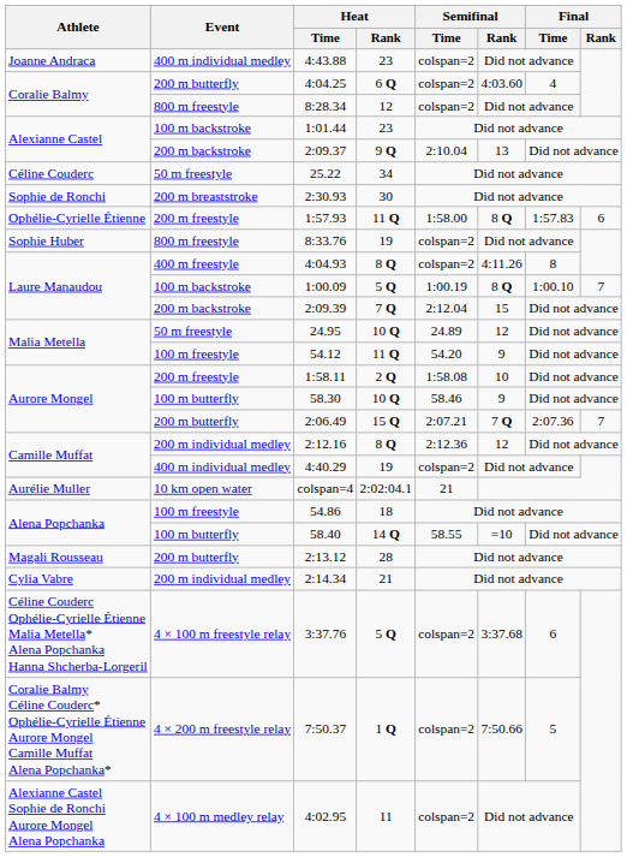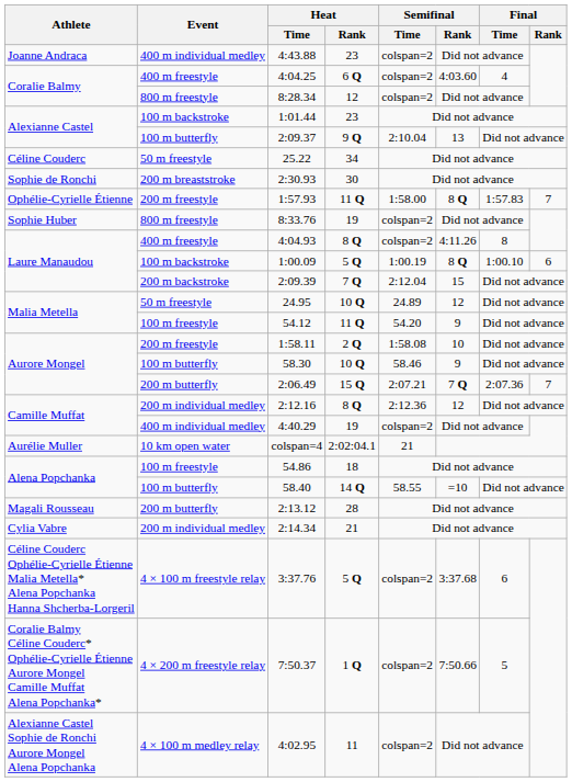 <table class=wikitable style="font-size:90%">
 <tr>
 <th rowspan="2">Athlete</th>
 <th rowspan="2">Event</th>
 <th colspan="2">Heat</th>
 <th colspan="2">Semifinal</th>
 <th colspan="2">Final</th>
 </tr>
 <tr style="font-size:95%">
 <th>Time</th>
 <th>Rank</th>
 <th>Time</th>
 <th>Rank</th>
 <th>Time</th>
 <th>Rank</th>
 </tr>
 <tr align=center>
 <td align=left><a href='#'>Joanne Andraca</a></td>
 <td align=left><a href='#'>400 m individual medley</a></td>
 <td>4:43.88</td>
 <td>23</td>
 <td>colspan=2 </td>
 <td colspan=2>Did not advance</td>
 </tr>
 <tr align=center>
 <td align=left rowspan=2><a href='#'>Coralie Balmy</a></td>
-<td align=left><a href='#'>200 m butterfly</a></td>
+<td align=left><a href='#'>400 m freestyle</a></td>
 <td>4:04.25</td>
 <td>6 <strong>Q</strong></td>
 <td>colspan=2 </td>
 <td>4:03.60</td>
 <td>4</td>
 </tr>
 <tr align=center>
 <td align=left><a href='#'>800 m freestyle</a></td>
 <td>8:28.34</td>
 <td>12</td>
 <td>colspan=2 </td>
 <td colspan=2>Did not advance</td>
 </tr>
 <tr align=center>
 <td align=left rowspan=2><a href='#'>Alexianne Castel</a></td>
 <td align=left><a href='#'>100 m backstroke</a></td>
 <td>1:01.44</td>
 <td>23</td>
 <td colspan=4>Did not advance</td>
 </tr>
 <tr align=center>
-<td align=left><a href='#'>200 m backstroke</a></td>
+<td align=left><a href='#'>100 m butterfly</a></td>
 <td>2:09.37</td>
 <td>9 <strong>Q</strong></td>
 <td>2:10.04</td>
 <td>13</td>
 <td colspan=2>Did not advance</td>
 </tr>
 <tr align=center>
 <td align=left><a href='#'>Céline Couderc</a></td>
 <td align=left><a href='#'>50 m freestyle</a></td>
 <td>25.22</td>
 <td>34</td>
 <td colspan=4>Did not advance</td>
 </tr>
 <tr align=center>
 <td align=left><a href='#'>Sophie de Ronchi</a></td>
 <td align=left><a href='#'>200 m breaststroke</a></td>
 <td>2:30.93</td>
 <td>30</td>
 <td colspan=4>Did not advance</td>
 </tr>
 <tr align=center>
 <td align=left><a href='#'>Ophélie-Cyrielle Étienne</a></td>
 <td align=left><a href='#'>200 m freestyle</a></td>
 <td>1:57.93</td>
 <td>11 <strong>Q</strong></td>
 <td>1:58.00</td>
 <td>8 <strong>Q</strong></td>
 <td>1:57.83</td>
-<td>6</td>
+<td>7</td>
 </tr>
 <tr align=center>
 <td align=left><a href='#'>Sophie Huber</a></td>
 <td align=left><a href='#'>800 m freestyle</a></td>
 <td>8:33.76</td>
 <td>19</td>
 <td>colspan=2 </td>
 <td colspan=2>Did not advance</td>
 </tr>
 <tr align=center>
 <td align=left rowspan=3><a href='#'>Laure Manaudou</a></td>
 <td align=left><a href='#'>400 m freestyle</a></td>
 <td>4:04.93</td>
 <td>8 <strong>Q</strong></td>
 <td>colspan=2 </td>
 <td>4:11.26</td>
 <td>8</td>
 </tr>
 <tr align=center>
 <td align=left><a href='#'>100 m backstroke</a></td>
 <td>1:00.09</td>
 <td>5 <strong>Q</strong></td>
 <td>1:00.19</td>
 <td>8 <strong>Q</strong></td>
 <td>1:00.10</td>
-<td>7</td>
+<td>6</td>
 </tr>
 <tr align=center>
 <td align=left><a href='#'>200 m backstroke</a></td>
 <td>2:09.39</td>
 <td>7 <strong>Q</strong></td>
 <td>2:12.04</td>
 <td>15</td>
 <td colspan=2>Did not advance</td>
 </tr>
 <tr align=center>
 <td align=left rowspan=2><a href='#'>Malia Metella</a></td>
 <td align=left><a href='#'>50 m freestyle</a></td>
 <td>24.95</td>
 <td>10 <strong>Q</strong></td>
 <td>24.89</td>
 <td>12</td>
 <td colspan=2>Did not advance</td>
 </tr>
 <tr align=center>
 <td align=left><a href='#'>100 m freestyle</a></td>
 <td>54.12</td>
 <td>11 <strong>Q</strong></td>
 <td>54.20</td>
 <td>9</td>
 <td colspan=2>Did not advance</td>
 </tr>
 <tr align=center>
 <td align=left rowspan=3><a href='#'>Aurore Mongel</a></td>
 <td align=left><a href='#'>200 m freestyle</a></td>
 <td>1:58.11</td>
 <td>2 <strong>Q</strong></td>
 <td>1:58.08</td>
 <td>10</td>
 <td colspan=2>Did not advance</td>
 </tr>
 <tr align=center>
 <td align=left><a href='#'>100 m butterfly</a></td>
 <td>58.30</td>
 <td>10 <strong>Q</strong></td>
 <td>58.46</td>
 <td>9</td>
 <td colspan=2>Did not advance</td>
 </tr>
 <tr align=center>
 <td align=left><a href='#'>200 m butterfly</a></td>
 <td>2:06.49</td>
 <td>15 <strong>Q</strong></td>
 <td>2:07.21</td>
 <td>7 <strong>Q</strong></td>
 <td>2:07.36</td>
 <td>7</td>
 </tr>
 <tr align=center>
 <td align=left rowspan=2><a href='#'>Camille Muffat</a></td>
 <td align=left><a href='#'>200 m individual medley</a></td>
 <td>2:12.16</td>
 <td>8 <strong>Q</strong></td>
 <td>2:12.36</td>
 <td>12</td>
 <td colspan=2>Did not advance</td>
 </tr>
 <tr align=center>
 <td align=left><a href='#'>400 m individual medley</a></td>
 <td>4:40.29</td>
 <td>19</td>
 <td>colspan=2 </td>
 <td colspan=2>Did not advance</td>
 </tr>
 <tr align=center>
 <td align=left><a href='#'>Aurélie Muller</a></td>
 <td align=left><a href='#'>10 km open water</a></td>
 <td>colspan=4 </td>
 <td>2:02:04.1</td>
 <td>21</td>
 </tr>
 <tr align=center>
 <td align=left rowspan=2><a href='#'>Alena Popchanka</a></td>
 <td align=left><a href='#'>100 m freestyle</a></td>
 <td>54.86</td>
 <td>18</td>
 <td colspan=4>Did not advance</td>
 </tr>
 <tr align=center>
 <td align=left><a href='#'>100 m butterfly</a></td>
 <td>58.40</td>
 <td>14 <strong>Q</strong></td>
 <td>58.55</td>
 <td>=10</td>
 <td colspan=2>Did not advance</td>
 </tr>
 <tr align=center>
 <td align=left><a href='#'>Magali Rousseau</a></td>
 <td align=left><a href='#'>200 m butterfly</a></td>
 <td>2:13.12</td>
 <td>28</td>
 <td colspan=4>Did not advance</td>
 </tr>
 <tr align=center>
 <td align=left><a href='#'>Cylia Vabre</a></td>
 <td align=left><a href='#'>200 m individual medley</a></td>
 <td>2:14.34</td>
 <td>21</td>
 <td colspan=4>Did not advance</td>
 </tr>
 <tr align=center>
 <td align=left><a href='#'>Céline Couderc</a><br><a href='#'>Ophélie-Cyrielle Étienne</a><br><a href='#'>Malia Metella</a>*<br><a href='#'>Alena Popchanka</a><br><a href='#'>Hanna Shcherba-Lorgeril</a></td>
 <td align=left><a href='#'>4 × 100 m freestyle relay</a></td>
 <td>3:37.76</td>
 <td>5 <strong>Q</strong></td>
 <td>colspan=2 </td>
 <td>3:37.68</td>
 <td>6</td>
 </tr>
 <tr align=center>
 <td align=left><a href='#'>Coralie Balmy</a><br><a href='#'>Céline Couderc</a>*<br><a href='#'>Ophélie-Cyrielle Étienne</a><br><a href='#'>Aurore Mongel</a><br><a href='#'>Camille Muffat</a><br><a href='#'>Alena Popchanka</a>*</td>
 <td align=left><a href='#'>4 × 200 m freestyle relay</a></td>
 <td>7:50.37 </td>
 <td>1 <strong>Q</strong></td>
 <td>colspan=2 </td>
 <td>7:50.66</td>
 <td>5</td>
 </tr>
 <tr align=center>
 <td align=left><a href='#'>Alexianne Castel</a><br><a href='#'>Sophie de Ronchi</a><br><a href='#'>Aurore Mongel</a><br><a href='#'>Alena Popchanka</a></td>
 <td align=left><a href='#'>4 × 100 m medley relay</a></td>
 <td>4:02.95</td>
 <td>11</td>
 <td>colspan=2 </td>
 <td colspan=2>Did not advance</td>
 </tr>
 </table>
